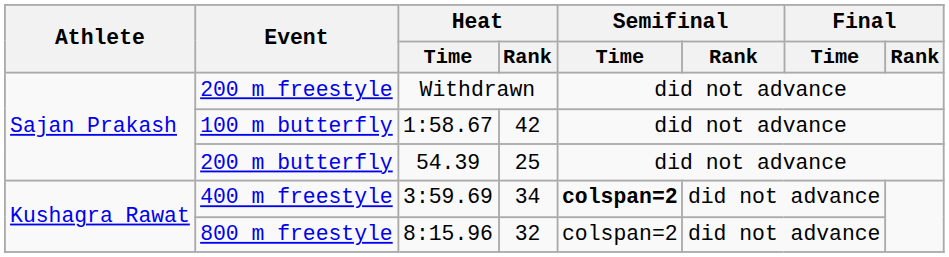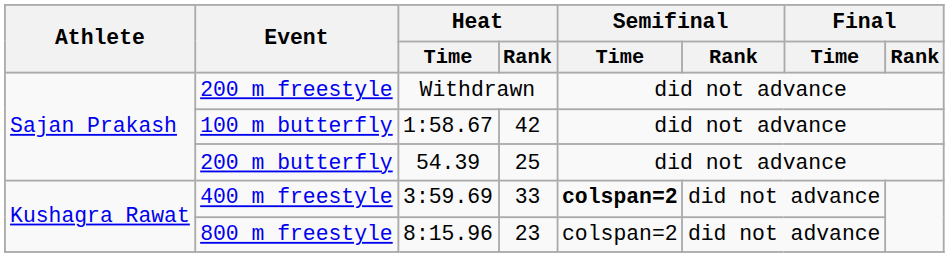 <table class="wikitable" style="text-align:center; font-size:90%">
 <tr>
 <th rowspan="2">Athlete</th>
 <th rowspan="2">Event</th>
 <th colspan="2">Heat</th>
 <th colspan="2">Semifinal</th>
 <th colspan="2">Final</th>
 </tr>
 <tr style="font-size:95%">
 <th>Time</th>
 <th>Rank</th>
 <th>Time</th>
 <th>Rank</th>
 <th>Time</th>
 <th>Rank</th>
 </tr>
 <tr>
 <td rowspan=3 align=left><a href='#'>Sajan Prakash</a></td>
 <td align=left><a href='#'>200 m freestyle</a></td>
 <td colspan=2>Withdrawn</td>
 <td colspan=4>did not advance</td>
 </tr>
 <tr>
 <td align=left><a href='#'>100 m butterfly</a></td>
 <td>1:58.67</td>
 <td>42</td>
 <td colspan=4>did not advance</td>
 </tr>
 <tr>
 <td align=left><a href='#'>200 m butterfly</a></td>
 <td>54.39</td>
 <td>25</td>
 <td colspan=4>did not advance</td>
 </tr>
 <tr>
 <td rowspan=2 align=left><a href='#'>Kushagra Rawat</a></td>
 <td align=left><a href='#'>400 m freestyle</a></td>
 <td>3:59.69</td>
-<td>34</td>
+<td>33</td>
 <td><strong>colspan=2 </strong></td>
 <td colspan=2>did not advance</td>
 </tr>
 <tr>
 <td align=left><a href='#'>800 m freestyle</a></td>
 <td>8:15.96</td>
-<td>32</td>
+<td>23</td>
 <td>colspan=2 </td>
 <td colspan=2>did not advance</td>
 </tr>
 </table>
